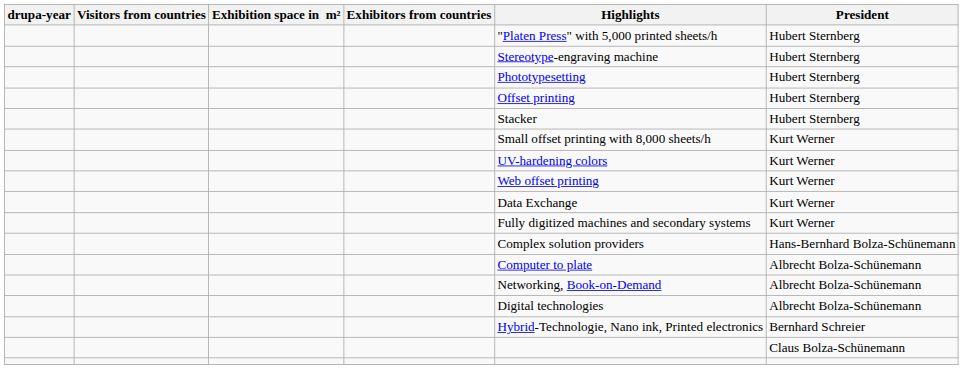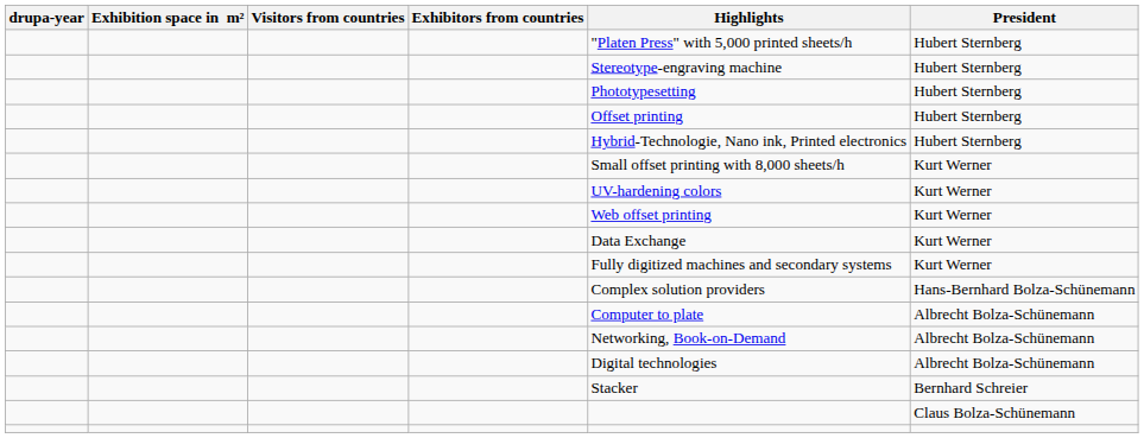 <table class="wikitable sortable">
 <tr align="left" class="LemonChiffon2">
 <th>drupa-year</th>
+<th>Exhibition space in  m²</th>
 <th>Visitors from countries</th>
-<th>Exhibition space in  m²</th>
 <th>Exhibitors from countries</th>
 <th>Highlights</th>
 <th>President</th>
 </tr>
 <tr>
 <td></td>
 <td></td>
 <td></td>
 <td></td>
 <td>"<a href='#'>Platen Press</a>" with 5,000 printed sheets/h</td>
 <td>Hubert Sternberg</td>
 </tr>
 <tr>
 <td></td>
 <td></td>
 <td></td>
 <td></td>
 <td><a href='#'>Stereotype</a>-engraving machine</td>
 <td>Hubert Sternberg</td>
 </tr>
 <tr>
 <td></td>
 <td></td>
 <td></td>
 <td></td>
 <td><a href='#'>Phototypesetting</a></td>
 <td>Hubert Sternberg</td>
 </tr>
 <tr>
 <td></td>
 <td></td>
 <td></td>
 <td></td>
 <td><a href='#'>Offset printing</a></td>
 <td>Hubert Sternberg</td>
 </tr>
 <tr>
 <td></td>
 <td></td>
 <td></td>
 <td></td>
-<td>Stacker</td>
+<td><a href='#'>Hybrid</a>-Technologie, Nano ink, Printed electronics</td>
 <td>Hubert Sternberg</td>
 </tr>
 <tr>
 <td></td>
 <td></td>
 <td></td>
 <td></td>
 <td>Small offset printing with 8,000 sheets/h</td>
 <td>Kurt Werner</td>
 </tr>
 <tr>
 <td></td>
 <td></td>
 <td></td>
 <td></td>
 <td><a href='#'>UV-hardening colors</a></td>
 <td>Kurt Werner</td>
 </tr>
 <tr>
 <td></td>
 <td></td>
 <td></td>
 <td></td>
 <td><a href='#'>Web offset printing</a></td>
 <td>Kurt Werner</td>
 </tr>
 <tr>
 <td></td>
 <td></td>
 <td></td>
 <td></td>
 <td>Data Exchange</td>
 <td>Kurt Werner</td>
 </tr>
 <tr>
 <td></td>
 <td></td>
 <td></td>
 <td></td>
 <td>Fully digitized machines and secondary systems</td>
 <td>Kurt Werner</td>
 </tr>
 <tr>
 <td></td>
 <td></td>
 <td></td>
 <td></td>
 <td>Complex solution providers</td>
 <td>Hans-Bernhard Bolza-Schünemann</td>
 </tr>
 <tr>
 <td></td>
 <td></td>
 <td></td>
 <td></td>
 <td><a href='#'>Computer to plate</a></td>
 <td>Albrecht Bolza-Schünemann</td>
 </tr>
 <tr>
 <td></td>
 <td></td>
 <td></td>
 <td></td>
 <td>Networking, <a href='#'>Book-on-Demand</a></td>
 <td>Albrecht Bolza-Schünemann</td>
 </tr>
 <tr>
 <td></td>
 <td></td>
 <td></td>
 <td></td>
 <td>Digital technologies</td>
 <td>Albrecht Bolza-Schünemann</td>
 </tr>
 <tr>
 <td></td>
 <td></td>
 <td></td>
 <td></td>
-<td><a href='#'>Hybrid</a>-Technologie, Nano ink, Printed electronics</td>
+<td>Stacker</td>
 <td>Bernhard Schreier</td>
 </tr>
 <tr>
 <td></td>
 <td></td>
 <td></td>
 <td></td>
 <td></td>
 <td>Claus Bolza-Schünemann</td>
 </tr>
 <tr>
 <td></td>
 <td></td>
 <td></td>
 <td></td>
 <td></td>
 <td></td>
 </tr>
 </table>
